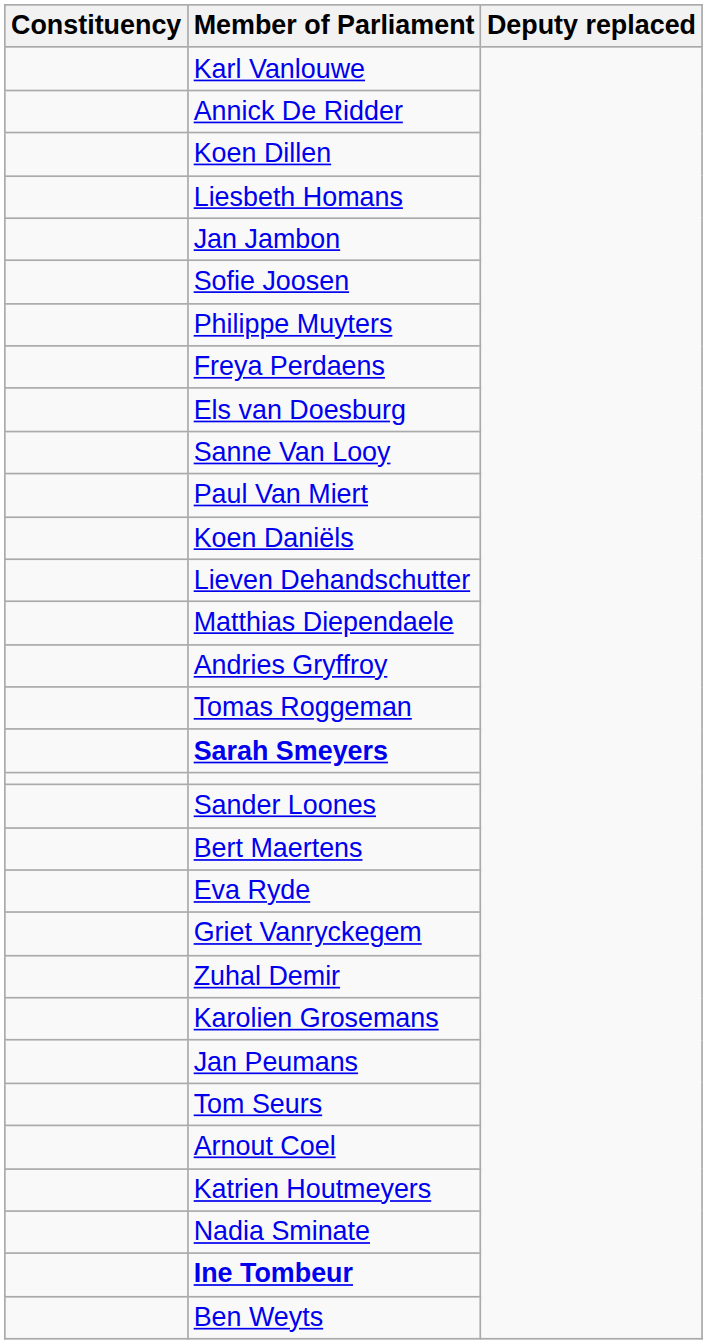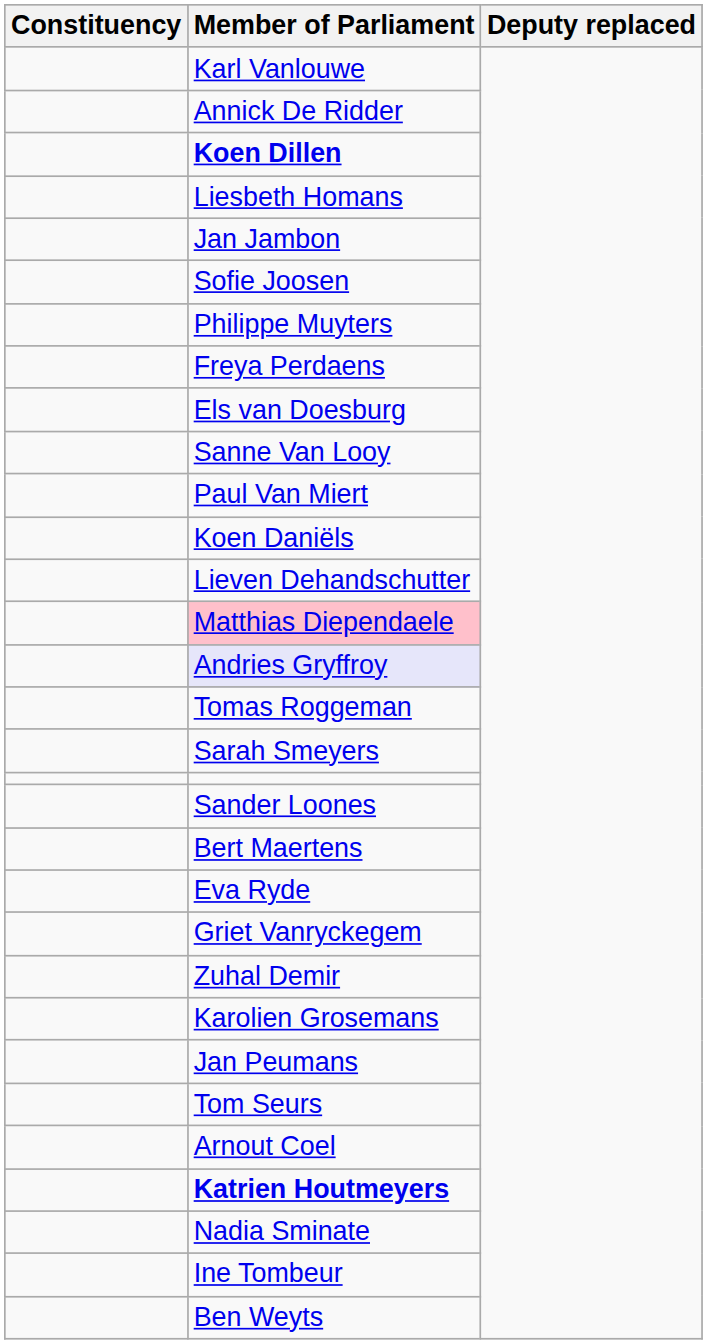 <table class="wikitable">
 <tr>
 <th>Constituency</th>
 <th>Member of Parliament</th>
 <th>Deputy replaced</th>
 </tr>
 <tr>
 <td></td>
 <td><a href='#'>Karl Vanlouwe</a></td>
 <td rowspan="31"></td>
 </tr>
 <tr>
 <td></td>
 <td><a href='#'>Annick De Ridder</a></td>
 </tr>
 <tr>
 <td></td>
-<td><a href='#'>Koen Dillen</a></td>
+<td><strong><a href='#'>Koen Dillen</a></strong></td>
 </tr>
 <tr>
 <td></td>
 <td><a href='#'>Liesbeth Homans</a></td>
 </tr>
 <tr>
 <td></td>
 <td><a href='#'>Jan Jambon</a></td>
 </tr>
 <tr>
 <td></td>
 <td><a href='#'>Sofie Joosen</a></td>
 </tr>
 <tr>
 <td></td>
 <td><a href='#'>Philippe Muyters</a></td>
 </tr>
 <tr>
 <td></td>
 <td><a href='#'>Freya Perdaens</a></td>
 </tr>
 <tr>
 <td></td>
 <td><a href='#'>Els van Doesburg</a></td>
 </tr>
 <tr>
 <td></td>
 <td><a href='#'>Sanne Van Looy</a></td>
 </tr>
 <tr>
 <td></td>
 <td><a href='#'>Paul Van Miert</a></td>
 </tr>
 <tr>
 <td></td>
 <td><a href='#'>Koen Daniëls</a></td>
 </tr>
 <tr>
 <td></td>
 <td><a href='#'>Lieven Dehandschutter</a></td>
 </tr>
 <tr>
 <td></td>
-<td><a href='#'>Matthias Diependaele</a></td>
+<td style="background: pink;"><a href='#'>Matthias Diependaele</a></td>
 </tr>
 <tr>
 <td></td>
-<td><a href='#'>Andries Gryffroy</a></td>
+<td style="background: lavender;"><a href='#'>Andries Gryffroy</a></td>
 </tr>
 <tr>
 <td></td>
 <td><a href='#'>Tomas Roggeman</a></td>
 </tr>
 <tr>
 <td></td>
-<td><strong><a href='#'>Sarah Smeyers</a></strong></td>
+<td><a href='#'>Sarah Smeyers</a></td>
 </tr>
 <tr>
 <td></td>
 <td></td>
 </tr>
 <tr>
 <td></td>
 <td><a href='#'>Sander Loones</a></td>
 </tr>
 <tr>
 <td></td>
 <td><a href='#'>Bert Maertens</a></td>
 </tr>
 <tr>
 <td></td>
 <td><a href='#'>Eva Ryde</a></td>
 </tr>
 <tr>
 <td></td>
 <td><a href='#'>Griet Vanryckegem</a></td>
 </tr>
 <tr>
 <td></td>
 <td><a href='#'>Zuhal Demir</a></td>
 </tr>
 <tr>
 <td></td>
 <td><a href='#'>Karolien Grosemans</a></td>
 </tr>
 <tr>
 <td></td>
 <td><a href='#'>Jan Peumans</a></td>
 </tr>
 <tr>
 <td></td>
 <td><a href='#'>Tom Seurs</a></td>
 </tr>
 <tr>
 <td></td>
 <td><a href='#'>Arnout Coel</a></td>
 </tr>
 <tr>
 <td></td>
-<td><a href='#'>Katrien Houtmeyers</a></td>
+<td><strong><a href='#'>Katrien Houtmeyers</a></strong></td>
 </tr>
 <tr>
 <td></td>
 <td><a href='#'>Nadia Sminate</a></td>
 </tr>
 <tr>
 <td></td>
-<td><strong><a href='#'>Ine Tombeur</a></strong></td>
+<td><a href='#'>Ine Tombeur</a></td>
 </tr>
 <tr>
 <td></td>
 <td><a href='#'>Ben Weyts</a></td>
 </tr>
 </table>
